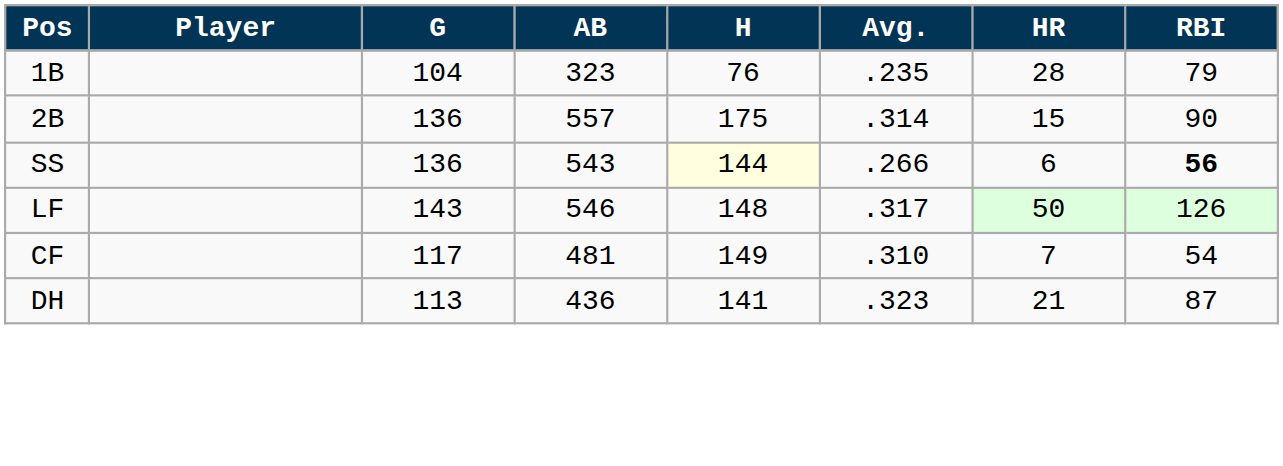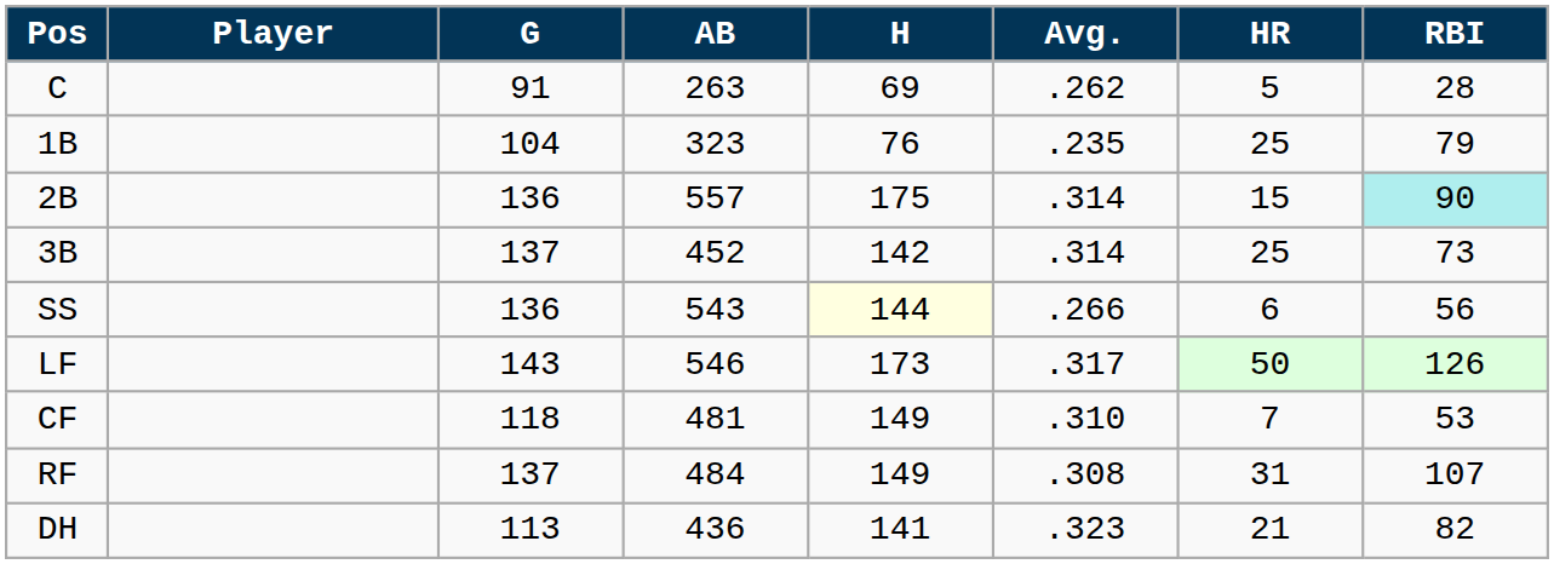 <table class="wikitable sortable">
 <tr>
 <th style="background:#023456; color:white; width:5%;">Pos</th>
 <th style="background:#023456; color:white; width:16%;">Player</th>
 <th style="background:#023456; color:white; width:9%;">G</th>
 <th style="background:#023456; color:white; width:9%;">AB</th>
 <th style="background:#023456; color:white; width:9%;">H</th>
 <th style="background:#023456; color:white; width:9%;">Avg.</th>
 <th style="background:#023456; color:white; width:9%;">HR</th>
 <th style="background:#023456; color:white; width:9%;">RBI</th>
 </tr>
 <tr style="text-align:center;">
+<td>C</td>
+<td></td>
+<td>91</td>
+<td>263</td>
+<td>69</td>
+<td>.262</td>
+<td>5</td>
+<td>28</td>
+</tr>
+<tr style="text-align:center;">
 <td>1B</td>
 <td></td>
 <td>104</td>
 <td>323</td>
 <td>76</td>
 <td>.235</td>
-<td>28</td>
+<td>25</td>
 <td>79</td>
 </tr>
 <tr style="text-align:center;">
 <td>2B</td>
 <td></td>
 <td>136</td>
 <td>557</td>
 <td>175</td>
 <td>.314</td>
 <td>15</td>
-<td>90</td>
+<td style="background: paleturquoise;">90</td>
+</tr>
+<tr style="text-align:center;">
+<td>3B</td>
+<td></td>
+<td>137</td>
+<td>452</td>
+<td>142</td>
+<td>.314</td>
+<td>25</td>
+<td>73</td>
 </tr>
 <tr style="text-align:center;">
 <td>SS</td>
 <td></td>
 <td>136</td>
 <td>543</td>
 <td style="background: lightyellow;">144</td>
 <td>.266</td>
 <td>6</td>
-<td><strong>56</strong></td>
+<td>56</td>
 </tr>
 <tr style="text-align:center;">
 <td>LF</td>
 <td></td>
 <td>143</td>
 <td>546</td>
-<td>148</td>
+<td>173</td>
 <td>.317</td>
 <td style="background:#DDFFDD;">50</td>
 <td style="background:#DDFFDD;">126</td>
 </tr>
 <tr style="text-align:center;">
 <td>CF</td>
 <td></td>
-<td>117</td>
+<td>118</td>
 <td>481</td>
 <td>149</td>
 <td>.310</td>
 <td>7</td>
-<td>54</td>
+<td>53</td>
+</tr>
+<tr style="text-align:center;">
+<td>RF</td>
+<td></td>
+<td>137</td>
+<td>484</td>
+<td>149</td>
+<td>.308</td>
+<td>31</td>
+<td>107</td>
 </tr>
 <tr style="text-align:center;">
 <td>DH</td>
 <td></td>
 <td>113</td>
 <td>436</td>
 <td>141</td>
 <td>.323</td>
 <td>21</td>
-<td>87</td>
+<td>82</td>
 </tr>
 </table>
